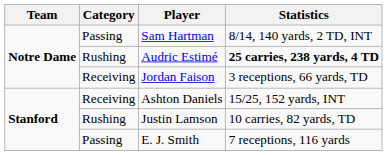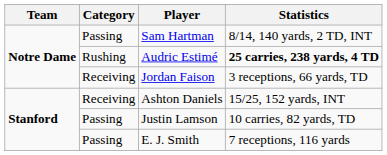 <table class="wikitable" style="float: right;">
 <tr>
 <th>Team</th>
 <th>Category</th>
 <th>Player</th>
 <th>Statistics</th>
 </tr>
 <tr>
 <td rowspan=3><strong>Notre Dame</strong></td>
 <td>Passing</td>
 <td><a href='#'>Sam Hartman</a></td>
 <td>8/14, 140 yards, 2 TD, INT</td>
 </tr>
 <tr>
 <td>Rushing</td>
 <td><a href='#'>Audric Estimé</a></td>
 <td><strong>25 carries, 238 yards, 4 TD</strong></td>
 </tr>
 <tr>
 <td>Receiving</td>
 <td><a href='#'>Jordan Faison</a></td>
 <td>3 receptions, 66 yards, TD</td>
 </tr>
 <tr>
 <td rowspan=3><strong>Stanford</strong></td>
 <td>Receiving</td>
 <td>Ashton Daniels</td>
 <td>15/25, 152 yards, INT</td>
 </tr>
 <tr>
-<td>Rushing</td>
+<td>Passing</td>
 <td>Justin Lamson</td>
 <td>10 carries, 82 yards, TD</td>
 </tr>
 <tr>
 <td>Passing</td>
 <td>E. J. Smith</td>
 <td>7 receptions, 116 yards</td>
 </tr>
 </table>
